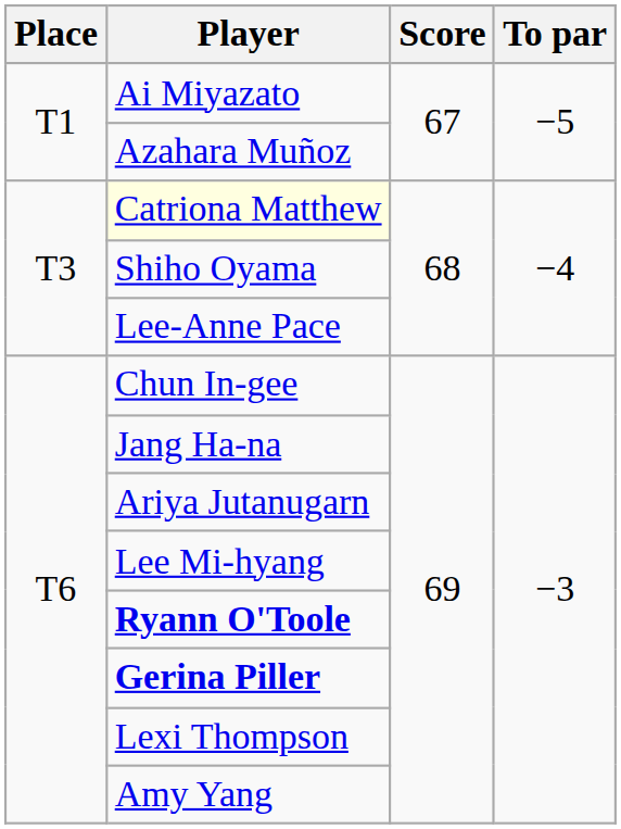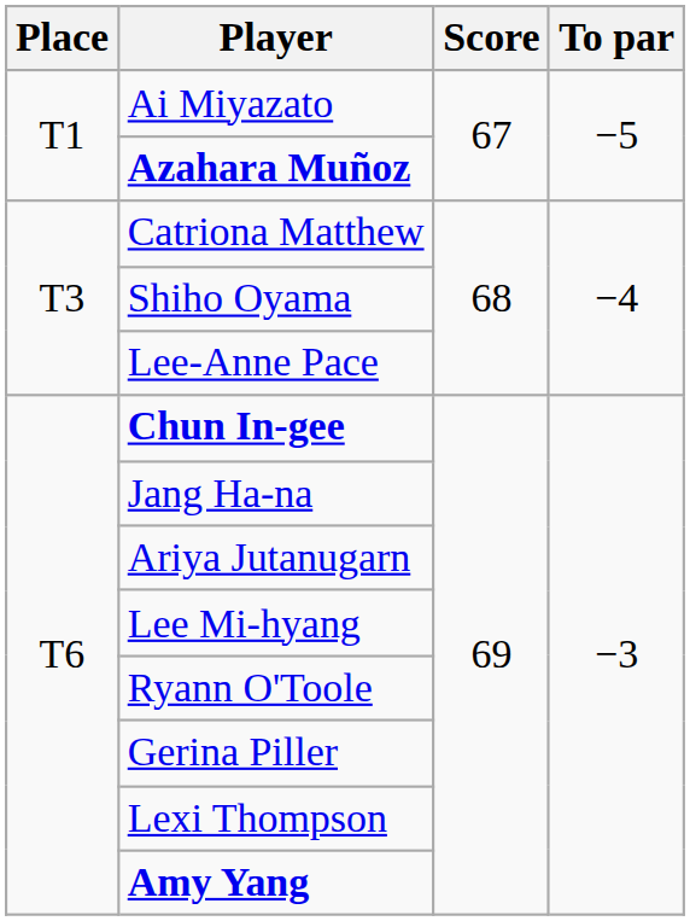 <table class="wikitable">
 <tr>
 <th>Place</th>
 <th>Player</th>
 <th>Score</th>
 <th>To par</th>
 </tr>
 <tr>
 <td rowspan=2 align=center>T1</td>
 <td> <a href='#'>Ai Miyazato</a></td>
 <td rowspan=2 align=center>67</td>
 <td rowspan=2 align=center>−5</td>
 </tr>
 <tr>
-<td> <a href='#'>Azahara Muñoz</a></td>
+<td><strong> <a href='#'>Azahara Muñoz</a></strong></td>
 </tr>
 <tr>
 <td rowspan=3 align=center>T3</td>
-<td style="background: lightyellow;"> <a href='#'>Catriona Matthew</a></td>
+<td> <a href='#'>Catriona Matthew</a></td>
 <td rowspan=3 align=center>68</td>
 <td rowspan=3 align=center>−4</td>
 </tr>
 <tr>
 <td> <a href='#'>Shiho Oyama</a></td>
 </tr>
 <tr>
 <td> <a href='#'>Lee-Anne Pace</a></td>
 </tr>
 <tr>
 <td rowspan=8 align=center>T6</td>
-<td> <a href='#'>Chun In-gee</a></td>
+<td><strong> <a href='#'>Chun In-gee</a></strong></td>
 <td rowspan=8 align=center>69</td>
 <td rowspan=8 align=center>−3</td>
 </tr>
 <tr>
 <td> <a href='#'>Jang Ha-na</a></td>
 </tr>
 <tr>
 <td> <a href='#'>Ariya Jutanugarn</a></td>
 </tr>
 <tr>
 <td> <a href='#'>Lee Mi-hyang</a></td>
 </tr>
 <tr>
-<td><strong> <a href='#'>Ryann O'Toole</a></strong></td>
+<td> <a href='#'>Ryann O'Toole</a></td>
 </tr>
 <tr>
-<td><strong> <a href='#'>Gerina Piller</a></strong></td>
+<td> <a href='#'>Gerina Piller</a></td>
 </tr>
 <tr>
 <td> <a href='#'>Lexi Thompson</a></td>
 </tr>
 <tr>
-<td> <a href='#'>Amy Yang</a></td>
+<td><strong> <a href='#'>Amy Yang</a></strong></td>
 </tr>
 </table>
